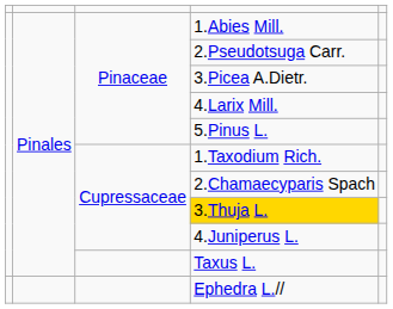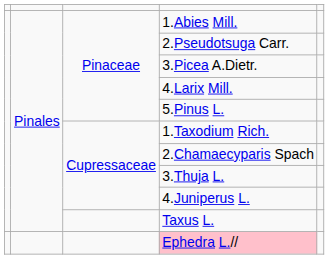 <table class="wikitable">
 <tr>
 <td></td>
 <td></td>
 <td></td>
 <td></td>
 <td></td>
 </tr>
 <tr>
 <td rowspan="10"></td>
 <td rowspan="10" style="text-align:center;"><a href='#'>Pinales</a></td>
 <td rowspan="5" style="text-align:center;"><a href='#'>Pinaceae</a></td>
 <td>1.<a href='#'>Abies</a> <a href='#'>Mill.</a></td>
 <td></td>
 </tr>
 <tr>
 <td>2.<a href='#'>Pseudotsuga</a> Carr.</td>
 <td></td>
 </tr>
 <tr>
 <td>3.<a href='#'>Picea</a> A.Dietr.</td>
 <td></td>
 </tr>
 <tr>
 <td>4.<a href='#'>Larix</a> <a href='#'>Mill.</a></td>
 <td></td>
 </tr>
 <tr>
 <td>5.<a href='#'>Pinus</a> <a href='#'>L.</a></td>
 <td></td>
 </tr>
 <tr>
 <td rowspan="4" style="text-align:center;"><a href='#'>Cupressaceae</a></td>
 <td>1.<a href='#'>Taxodium</a> <a href='#'>Rich.</a></td>
 <td></td>
 </tr>
 <tr>
 <td>2.<a href='#'>Chamaecyparis</a> Spach</td>
 <td></td>
 </tr>
 <tr>
-<td style="background: gold;">3.<a href='#'>Thuja</a> <a href='#'>L.</a></td>
+<td>3.<a href='#'>Thuja</a> <a href='#'>L.</a></td>
 <td></td>
 </tr>
 <tr>
 <td>4.<a href='#'>Juniperus</a> <a href='#'>L.</a></td>
 <td></td>
 </tr>
 <tr>
 <td></td>
 <td><a href='#'>Taxus</a> <a href='#'>L.</a></td>
 <td></td>
 </tr>
 <tr>
 <td></td>
 <td></td>
 <td></td>
-<td><a href='#'>Ephedra</a> <a href='#'>L.</a>//</td>
+<td style="background: pink;"><a href='#'>Ephedra</a> <a href='#'>L.</a>//</td>
 <td></td>
 </tr>
 </table>
